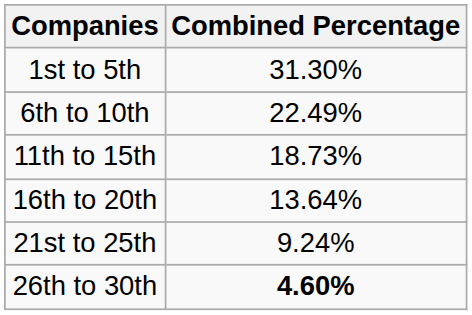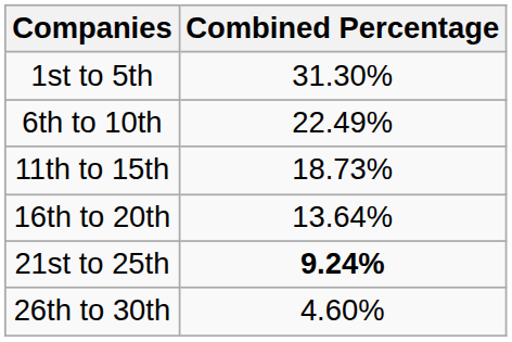 <table class="wikitable" style="text-align: center;">
 <tr>
 <th>Companies</th>
 <th>Combined Percentage</th>
 </tr>
 <tr>
 <td>1st to 5th</td>
 <td>31.30%</td>
 </tr>
 <tr>
 <td>6th to 10th</td>
 <td>22.49%</td>
 </tr>
 <tr>
 <td>11th to 15th</td>
 <td>18.73%</td>
 </tr>
 <tr>
 <td>16th to 20th</td>
 <td>13.64%</td>
 </tr>
 <tr>
 <td>21st to 25th</td>
-<td>9.24%</td>
+<td><strong>9.24%</strong></td>
 </tr>
 <tr>
 <td>26th to 30th</td>
-<td><strong>4.60%</strong></td>
+<td>4.60%</td>
 </tr>
 </table>
